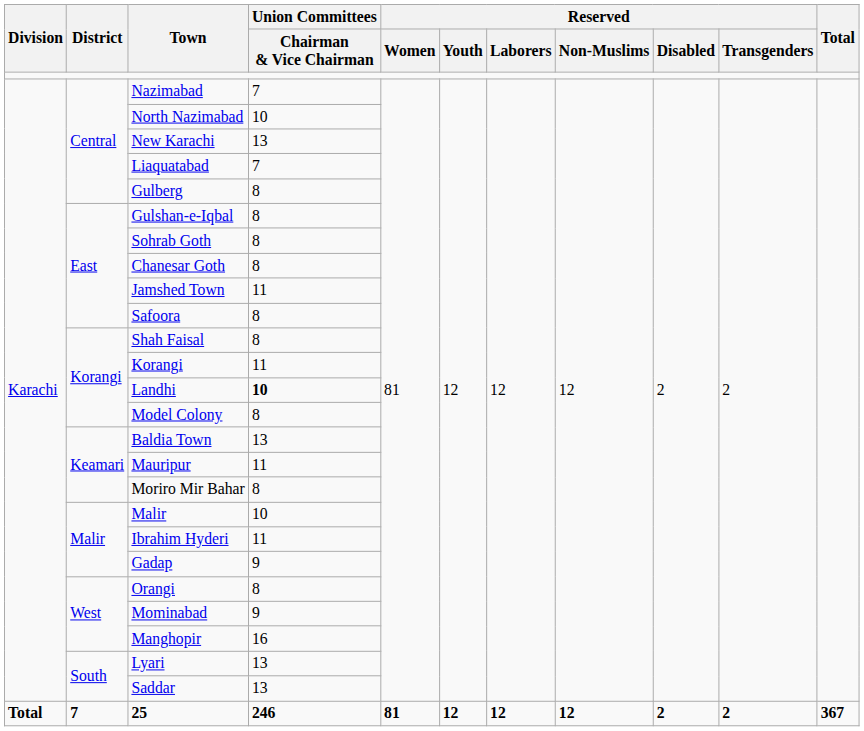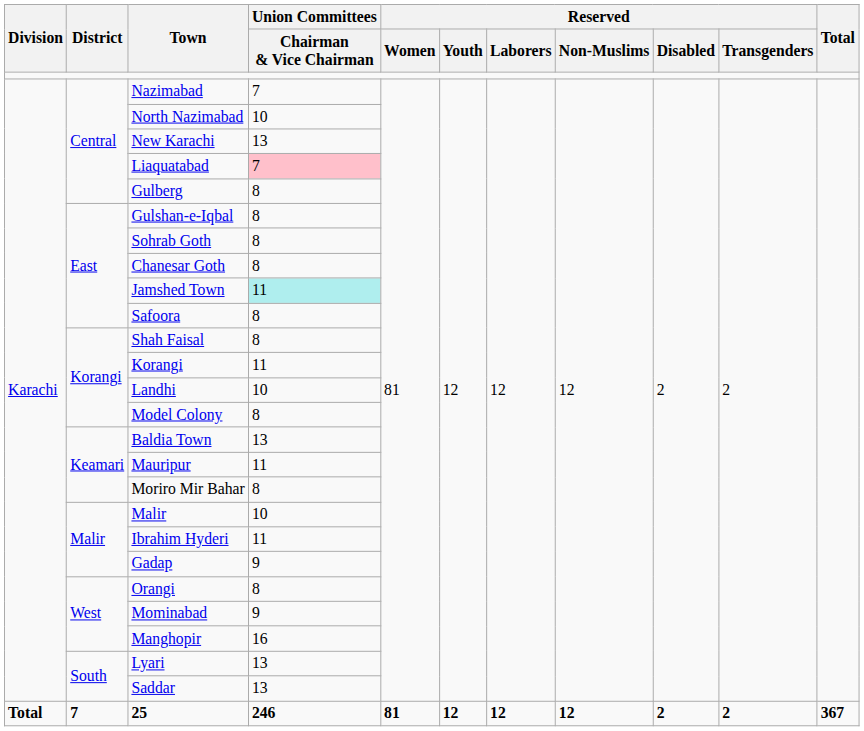 <table class="wikitable sortable">
 <tr>
 <th rowspan="2">Division</th>
 <th rowspan="2">District</th>
 <th rowspan="2">Town</th>
 <th>Union Committees</th>
 <th colspan="6">Reserved</th>
 <th rowspan="2">Total</th>
 </tr>
 <tr>
 <th>Chairman<br>& Vice Chairman</th>
 <th>Women</th>
 <th>Youth</th>
 <th>Laborers</th>
 <th>Non-Muslims</th>
 <th>Disabled</th>
 <th>Transgenders</th>
 </tr>
 <tr>
 <td colspan="11"></td>
 </tr>
 <tr>
 <td rowspan="25"><a href='#'>Karachi</a></td>
 <td rowspan="5"><a href='#'>Central</a></td>
 <td><a href='#'>Nazimabad</a></td>
 <td>7</td>
 <td rowspan="25">81</td>
 <td rowspan="25">12</td>
 <td rowspan="25">12</td>
 <td rowspan="25">12</td>
 <td rowspan="25">2</td>
 <td rowspan="25">2</td>
 <td rowspan="25"></td>
 </tr>
 <tr>
 <td><a href='#'>North Nazimabad</a></td>
 <td>10</td>
 </tr>
 <tr>
 <td><a href='#'>New Karachi</a></td>
 <td>13</td>
 </tr>
 <tr>
 <td><a href='#'>Liaquatabad</a></td>
-<td>7</td>
+<td style="background: pink;">7</td>
 </tr>
 <tr>
 <td><a href='#'>Gulberg</a></td>
 <td>8</td>
 </tr>
 <tr>
 <td rowspan="5"><a href='#'>East</a></td>
 <td><a href='#'>Gulshan-e-Iqbal</a></td>
 <td>8</td>
 </tr>
 <tr>
 <td><a href='#'>Sohrab Goth</a></td>
 <td>8</td>
 </tr>
 <tr>
 <td><a href='#'>Chanesar Goth</a></td>
 <td>8</td>
 </tr>
 <tr>
 <td><a href='#'>Jamshed Town</a></td>
-<td>11</td>
+<td style="background: paleturquoise;">11</td>
 </tr>
 <tr>
 <td><a href='#'>Safoora</a></td>
 <td>8</td>
 </tr>
 <tr>
 <td rowspan="4"><a href='#'>Korangi</a></td>
 <td><a href='#'>Shah Faisal</a></td>
 <td>8</td>
 </tr>
 <tr>
 <td><a href='#'>Korangi</a></td>
 <td>11</td>
 </tr>
 <tr>
 <td><a href='#'>Landhi</a></td>
-<td><strong>10</strong></td>
+<td>10</td>
 </tr>
 <tr>
 <td><a href='#'>Model Colony</a></td>
 <td>8</td>
 </tr>
 <tr>
 <td rowspan="3"><a href='#'>Keamari</a></td>
 <td><a href='#'>Baldia Town</a></td>
 <td>13</td>
 </tr>
 <tr>
 <td><a href='#'>Mauripur</a></td>
 <td>11</td>
 </tr>
 <tr>
 <td>Moriro Mir Bahar</td>
 <td>8</td>
 </tr>
 <tr>
 <td rowspan="3"><a href='#'>Malir</a></td>
 <td><a href='#'>Malir</a></td>
 <td>10</td>
 </tr>
 <tr>
 <td><a href='#'>Ibrahim Hyderi</a></td>
 <td>11</td>
 </tr>
 <tr>
 <td><a href='#'>Gadap</a></td>
 <td>9</td>
 </tr>
 <tr>
 <td rowspan="3"><a href='#'>West</a></td>
 <td><a href='#'>Orangi</a></td>
 <td>8</td>
 </tr>
 <tr>
 <td><a href='#'>Mominabad</a></td>
 <td>9</td>
 </tr>
 <tr>
 <td><a href='#'>Manghopir</a></td>
 <td>16</td>
 </tr>
 <tr>
 <td rowspan="2"><a href='#'>South</a></td>
 <td><a href='#'>Lyari</a></td>
 <td>13</td>
 </tr>
 <tr>
 <td><a href='#'>Saddar</a></td>
 <td>13</td>
 </tr>
 <tr>
 <td><strong>Total</strong></td>
 <td><strong>7</strong></td>
 <td><strong>25</strong></td>
 <td><strong>246</strong></td>
 <td><strong>81</strong></td>
 <td><strong>12</strong></td>
 <td><strong>12</strong></td>
 <td><strong>12</strong></td>
 <td><strong>2</strong></td>
 <td><strong>2</strong></td>
 <td><strong>367</strong></td>
 </tr>
 </table>
